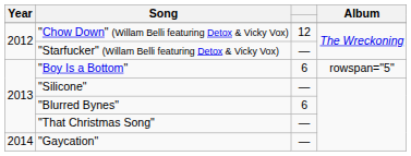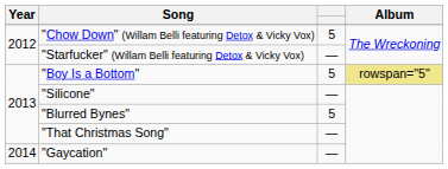 <table class="wikitable" style="text-align:center;">
 <tr>
 <th rowspan="2">Year</th>
 <th rowspan="2">Song</th>
 <th colspan="1"></th>
 <th rowspan="2">Album</th>
 </tr>
 <tr style="font-size:smaller;">
 <th style="width:30px;"></th>
 </tr>
 <tr style="text-align:center;">
 </tr>
 <tr>
 <td rowspan="2">2012</td>
 <td align="left">"<a href='#'>Chow Down</a>" <small>(Willam Belli featuring <a href='#'>Detox</a> & Vicky Vox)</small></td>
-<td>12</td>
+<td>5</td>
 <td rowspan="2"><em><a href='#'>The Wreckoning</a></em></td>
 </tr>
 <tr>
 <td align="left">"Starfucker" <small>(Willam Belli featuring <a href='#'>Detox</a> & Vicky Vox)</small></td>
 <td>—</td>
 </tr>
 <tr>
 <td rowspan="4">2013</td>
 <td align="left">"<a href='#'>Boy Is a Bottom</a>"</td>
-<td>6</td>
-<td>rowspan="5" </td>
+<td>5</td>
+<td style="background: khaki;">rowspan="5" </td>
 </tr>
 <tr>
 <td align="left">"Silicone"</td>
 <td>—</td>
 </tr>
 <tr>
 <td align="left">"Blurred Bynes"</td>
-<td>6</td>
+<td>5</td>
 </tr>
 <tr>
 <td align="left">"That Christmas Song"</td>
 <td>—</td>
 </tr>
 <tr>
 <td rowspan="4">2014</td>
 <td align="left">"Gaycation"</td>
 <td>—</td>
 </tr>
 </table>
